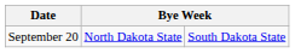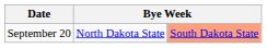 <table class="wikitable" style="font-size:95%;">
 <tr>
 <th>Date</th>
 <th colspan="2">Bye Week</th>
 </tr>
 <tr>
 <td>September 20</td>
 <td><a href='#'>North Dakota State</a></td>
-<td><a href='#'>South Dakota State</a></td>
+<td style="background: lightsalmon;"><a href='#'>South Dakota State</a></td>
 </tr>
 </table>
